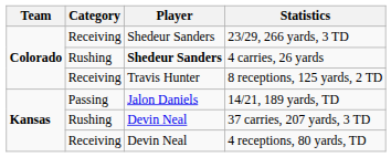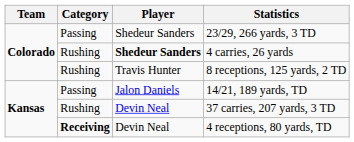 <table class="wikitable" style="float: right;">
 <tr>
 <th>Team</th>
 <th>Category</th>
 <th>Player</th>
 <th>Statistics</th>
 </tr>
 <tr>
 <td rowspan=3><strong>Colorado</strong></td>
-<td>Receiving</td>
+<td>Passing</td>
 <td>Shedeur Sanders</td>
 <td>23/29, 266 yards, 3 TD</td>
 </tr>
 <tr>
 <td>Rushing</td>
 <td><strong>Shedeur Sanders</strong></td>
 <td>4 carries, 26 yards</td>
 </tr>
 <tr>
-<td>Receiving</td>
+<td>Rushing</td>
 <td>Travis Hunter</td>
 <td>8 receptions, 125 yards, 2 TD</td>
 </tr>
 <tr>
 <td rowspan=3><strong>Kansas</strong></td>
 <td>Passing</td>
 <td><a href='#'>Jalon Daniels</a></td>
 <td>14/21, 189 yards, TD</td>
 </tr>
 <tr>
 <td>Rushing</td>
 <td><a href='#'>Devin Neal</a></td>
 <td>37 carries, 207 yards, 3 TD</td>
 </tr>
 <tr>
-<td>Receiving</td>
+<td><strong>Receiving</strong></td>
 <td>Devin Neal</td>
 <td>4 receptions, 80 yards, TD</td>
 </tr>
 </table>
